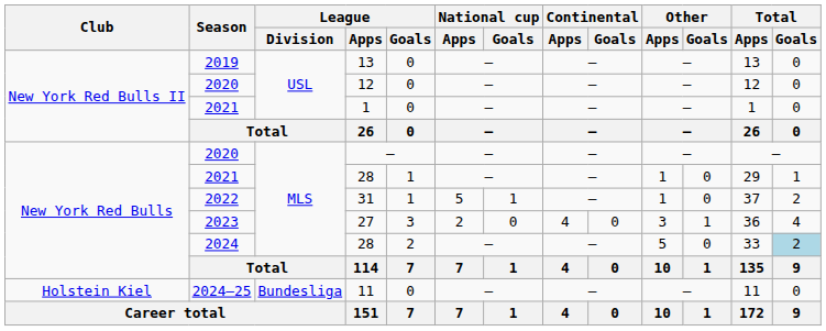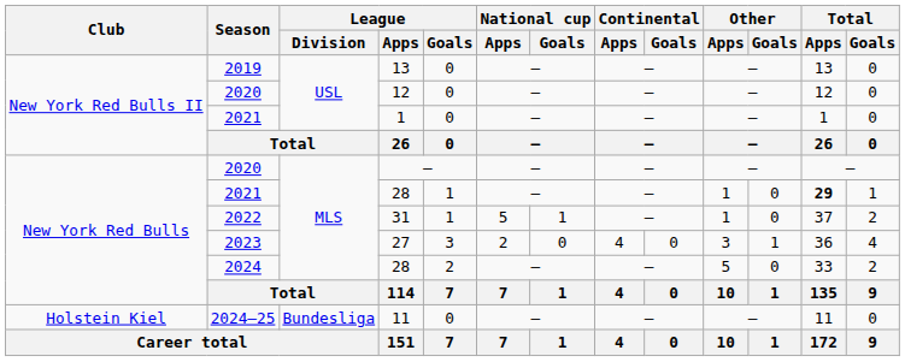 <table class="wikitable" style="text-align:center">
 <tr>
 <th rowspan="2">Club</th>
 <th rowspan="2">Season</th>
 <th colspan="3">League</th>
 <th colspan="2">National cup</th>
 <th colspan="2">Continental</th>
 <th colspan="2">Other</th>
 <th colspan="2">Total</th>
 </tr>
 <tr>
 <th>Division</th>
 <th>Apps</th>
 <th>Goals</th>
 <th>Apps</th>
 <th>Goals</th>
 <th>Apps</th>
 <th>Goals</th>
 <th>Apps</th>
 <th>Goals</th>
 <th>Apps</th>
 <th>Goals</th>
 </tr>
 <tr>
 <td rowspan="4"><a href='#'>New York Red Bulls II</a> <br></td>
 <td><a href='#'>2019</a></td>
 <td rowspan="3"><a href='#'>USL</a></td>
 <td>13</td>
 <td>0</td>
 <td colspan="2">—</td>
 <td colspan="2">—</td>
 <td colspan="2">—</td>
 <td>13</td>
 <td>0</td>
 </tr>
 <tr>
 <td><a href='#'>2020</a></td>
 <td>12</td>
 <td>0</td>
 <td colspan="2">—</td>
 <td colspan="2">—</td>
 <td colspan="2">—</td>
 <td>12</td>
 <td>0</td>
 </tr>
 <tr>
 <td><a href='#'>2021</a></td>
 <td>1</td>
 <td>0</td>
 <td colspan="2">—</td>
 <td colspan="2">—</td>
 <td colspan="2">—</td>
 <td>1</td>
 <td>0</td>
 </tr>
 <tr>
 <th colspan="2">Total</th>
 <th>26</th>
 <th>0</th>
 <th colspan="2">—</th>
 <th colspan="2">—</th>
 <th colspan="2">—</th>
 <th>26</th>
 <th>0</th>
 </tr>
 <tr>
 <td rowspan="6"><a href='#'>New York Red Bulls</a></td>
 <td><a href='#'>2020</a></td>
 <td rowspan="5"><a href='#'>MLS</a></td>
 <td colspan="2">—</td>
 <td colspan="2">—</td>
 <td colspan="2">—</td>
 <td colspan="2">—</td>
 <td colspan="2">—</td>
 </tr>
 <tr>
 <td><a href='#'>2021</a></td>
 <td>28</td>
 <td>1</td>
 <td colspan="2">—</td>
 <td colspan="2">—</td>
 <td>1</td>
 <td>0</td>
-<td>29</td>
+<td><strong>29</strong></td>
 <td>1</td>
 </tr>
 <tr>
 <td><a href='#'>2022</a></td>
 <td>31</td>
 <td>1</td>
 <td>5</td>
 <td>1</td>
 <td colspan="2">—</td>
 <td>1</td>
 <td>0</td>
 <td>37</td>
 <td>2</td>
 </tr>
 <tr>
 <td><a href='#'>2023</a></td>
 <td>27</td>
 <td>3</td>
 <td>2</td>
 <td>0</td>
 <td>4</td>
 <td>0</td>
 <td>3</td>
 <td>1</td>
 <td>36</td>
 <td>4</td>
 </tr>
 <tr>
 <td><a href='#'>2024</a></td>
 <td>28</td>
 <td>2</td>
 <td colspan="2">—</td>
 <td colspan="2">—</td>
 <td>5</td>
 <td>0</td>
 <td>33</td>
-<td style="background: lightblue;">2</td>
+<td>2</td>
 </tr>
 <tr>
 <th colspan="2">Total</th>
 <th>114</th>
 <th>7</th>
 <th>7</th>
 <th>1</th>
 <th>4</th>
 <th>0</th>
 <th>10</th>
 <th>1</th>
 <th>135</th>
 <th>9</th>
 </tr>
 <tr>
 <td rowspan="1"><a href='#'>Holstein Kiel</a></td>
 <td><a href='#'>2024–25</a></td>
 <td><a href='#'>Bundesliga</a></td>
 <td>11</td>
 <td>0</td>
 <td colspan="2">—</td>
 <td colspan="2">—</td>
 <td colspan="2">—</td>
 <td>11</td>
 <td>0</td>
 </tr>
 <tr>
 <th colspan="3">Career total</th>
 <th>151</th>
 <th>7</th>
 <th>7</th>
 <th>1</th>
 <th>4</th>
 <th>0</th>
 <th>10</th>
 <th>1</th>
 <th>172</th>
 <th>9</th>
 </tr>
 </table>
